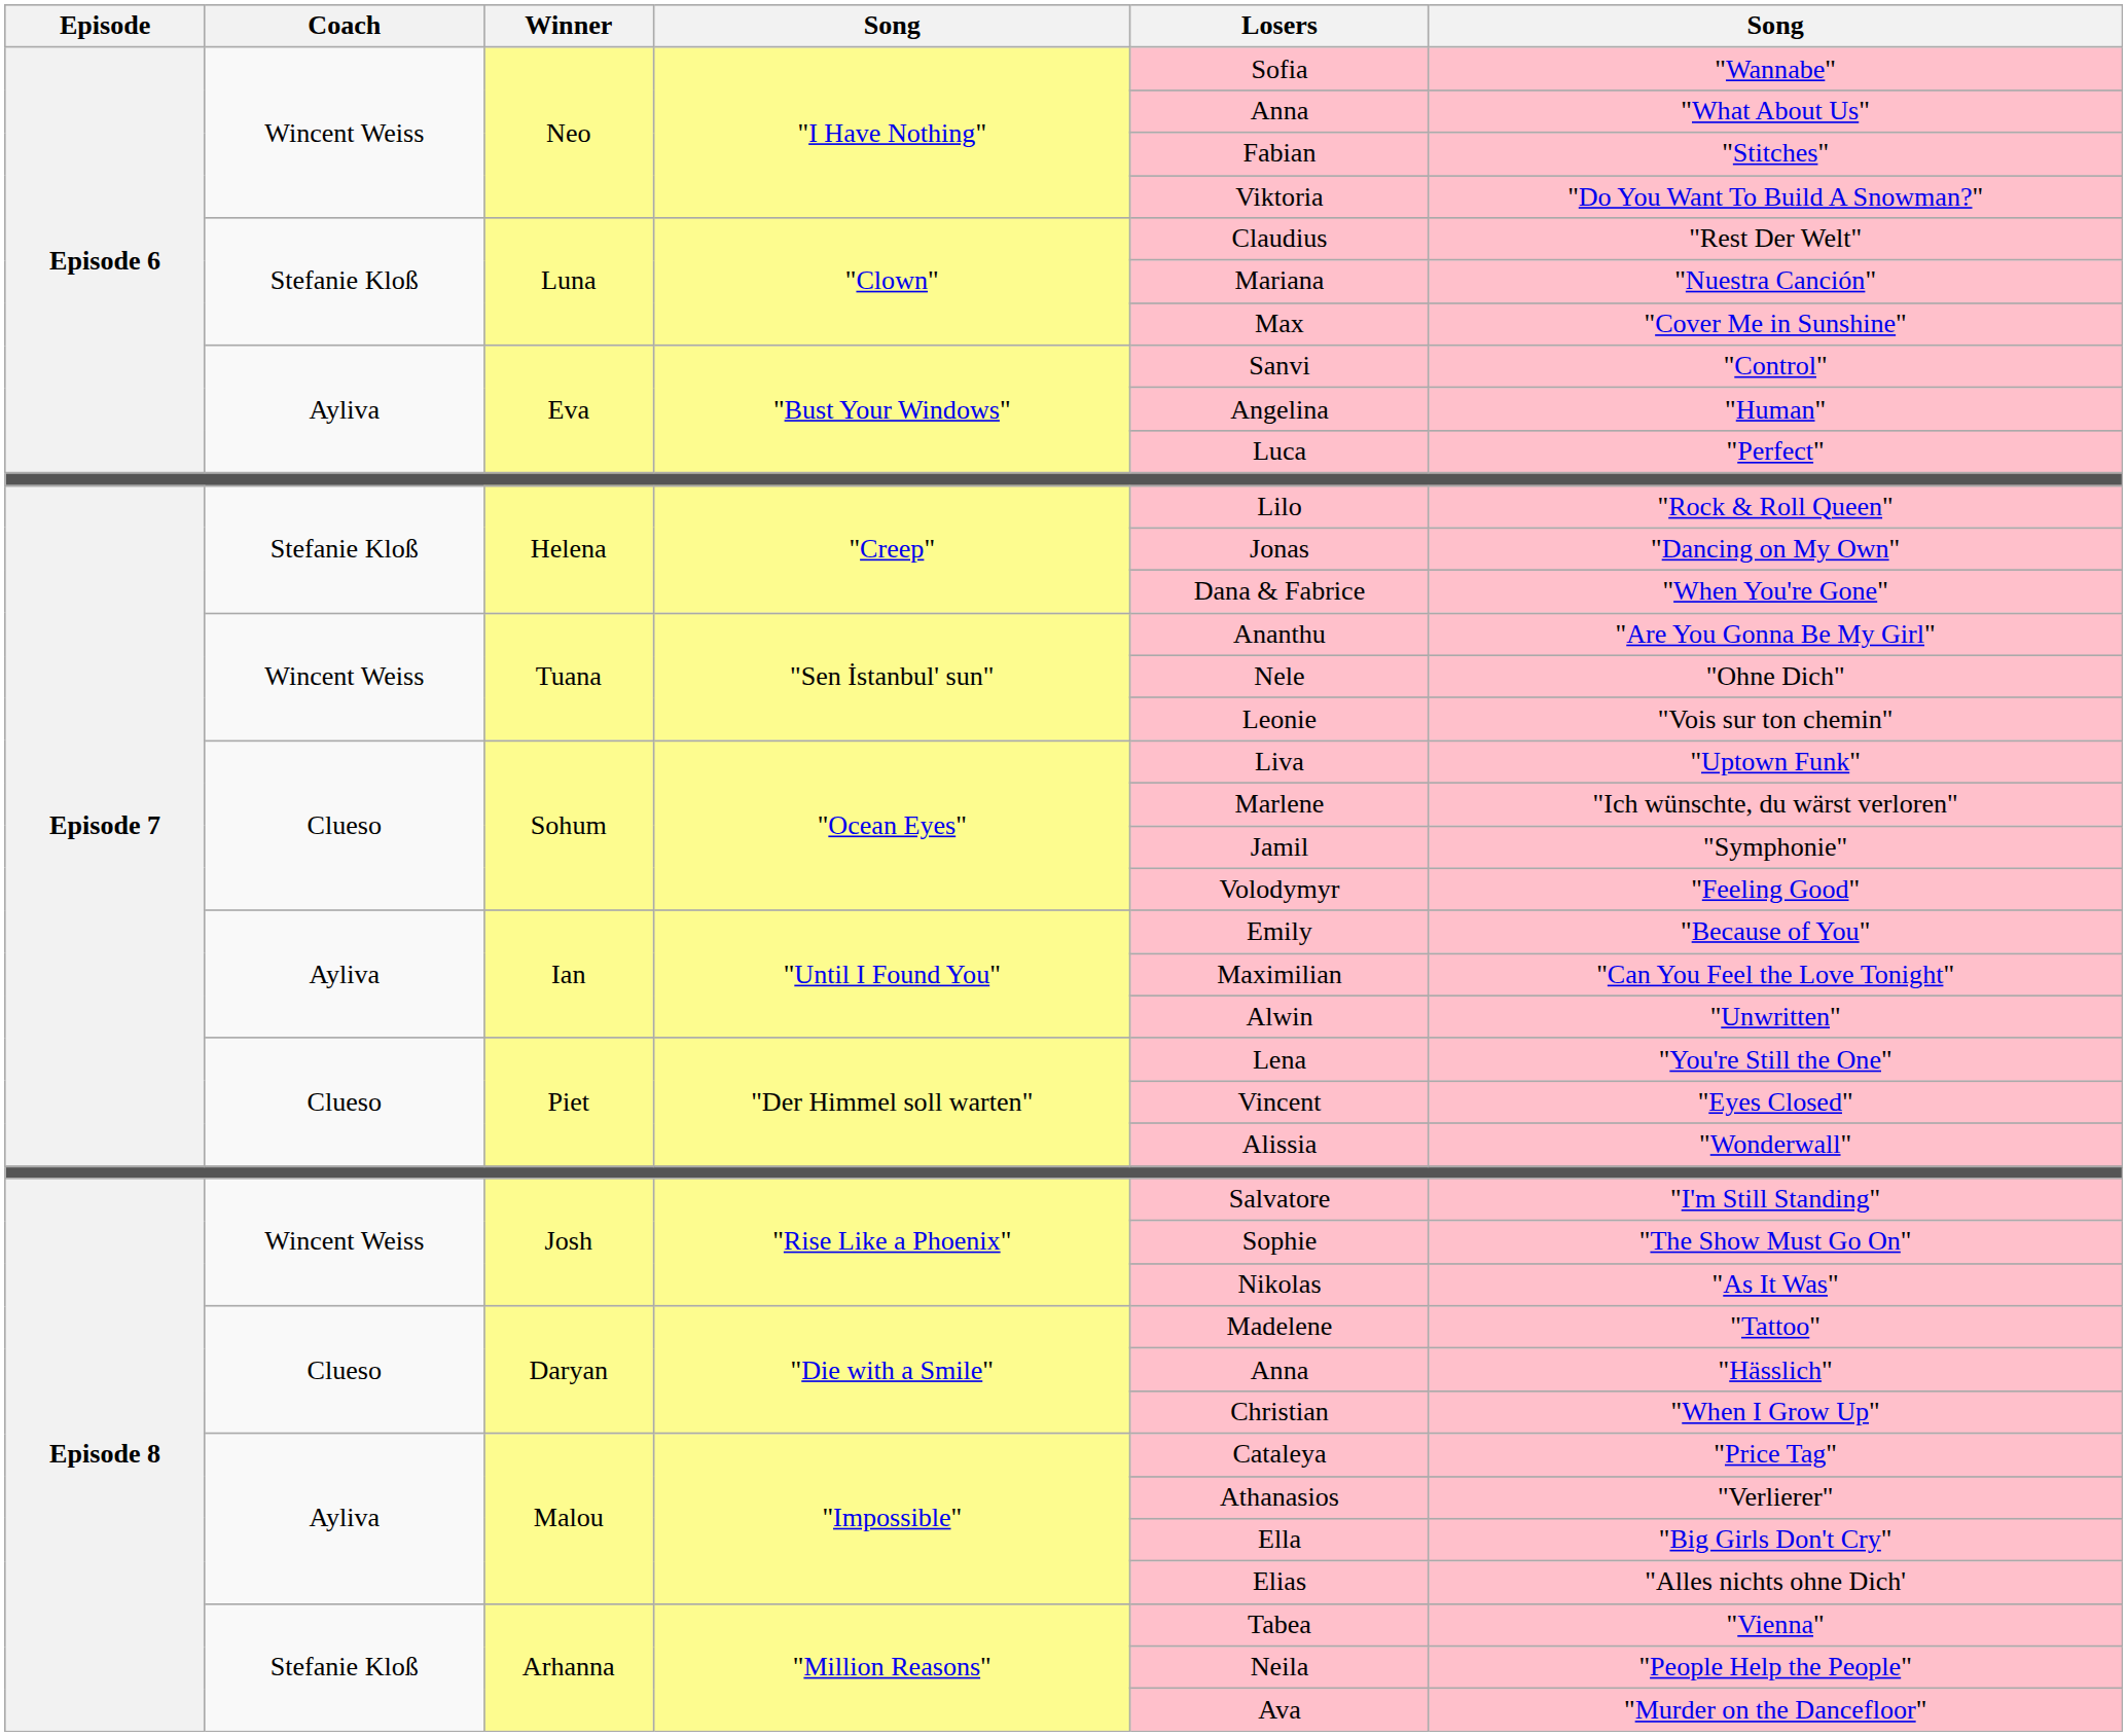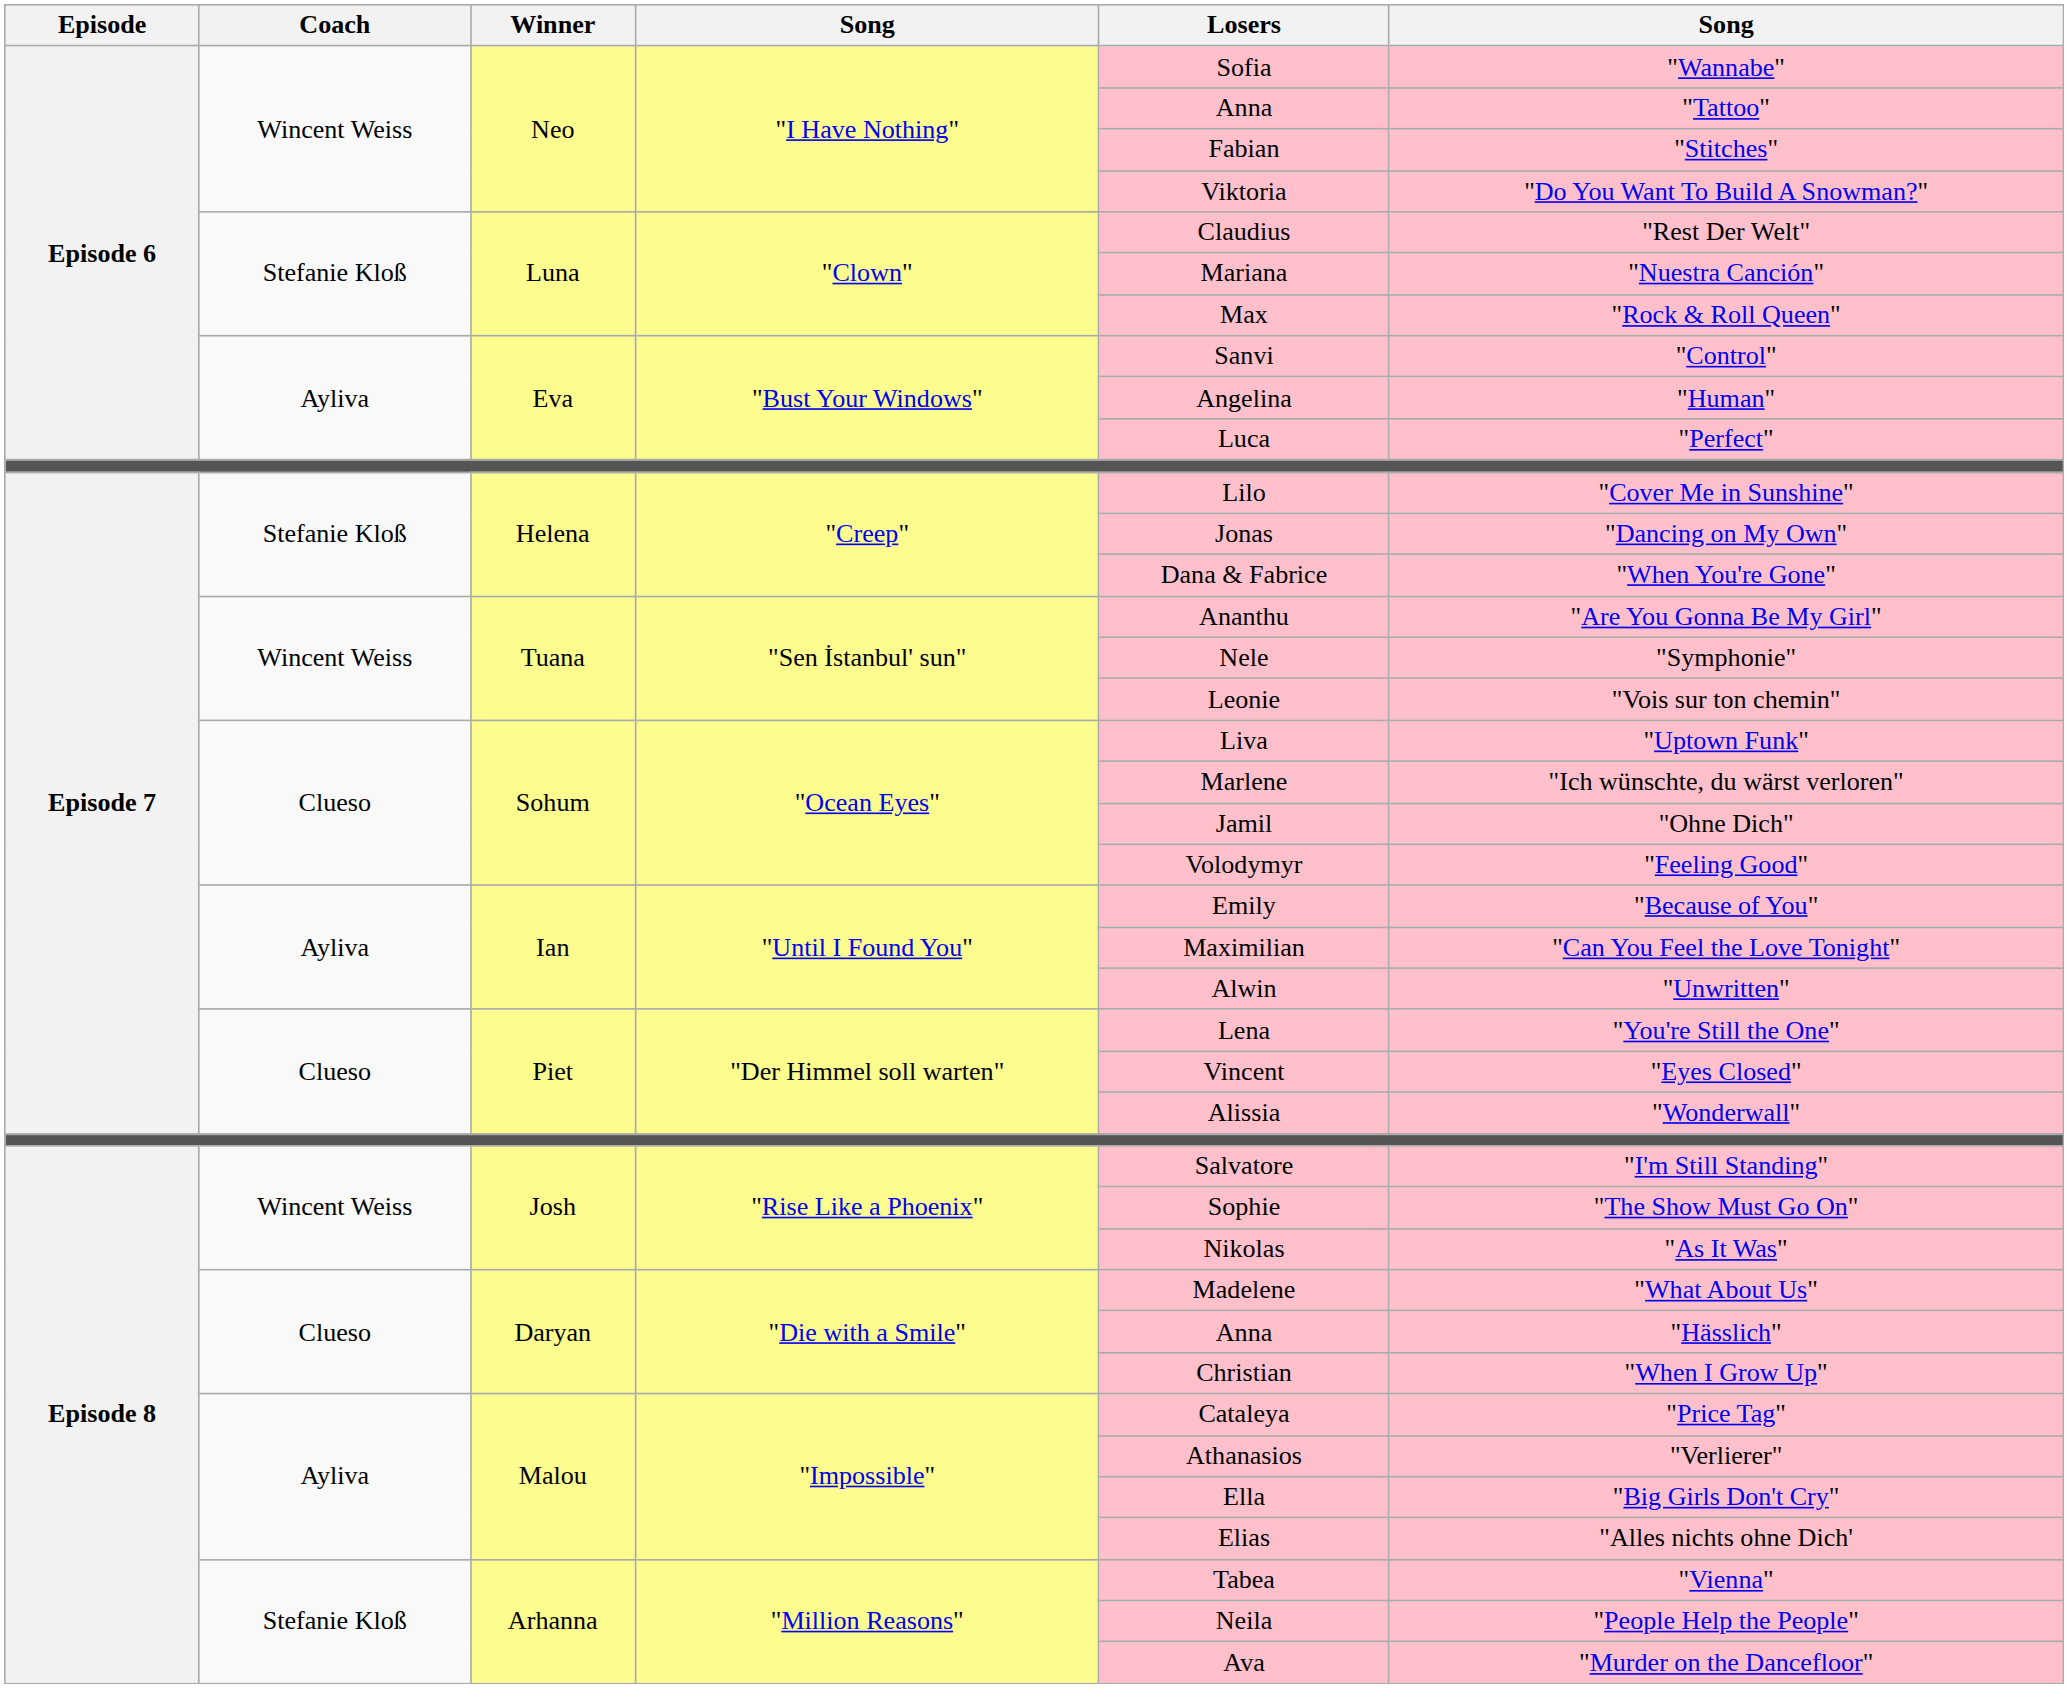 <table class="wikitable" style="text-align:center; width:100%">
 <tr>
 <th scope="row">Episode</th>
 <th>Coach</th>
 <th>Winner</th>
 <th>Song</th>
 <th>Losers</th>
 <th>Song</th>
 </tr>
 <tr>
 <th rowspan="10">Episode 6<br></th>
 <td rowspan="4">Wincent Weiss</td>
 <td rowspan="4" style="background:#fdfc8f ">Neo</td>
 <td rowspan="4" style="background:#fdfc8f">"<a href='#'>I Have Nothing</a>"</td>
 <td style="background:pink">Sofia</td>
 <td style="background:pink">"<a href='#'>Wannabe</a>"</td>
 </tr>
 <tr>
 <td style="background:pink">Anna</td>
-<td style="background:pink">"<a href='#'>What About Us</a>"</td>
+<td style="background:pink">"<a href='#'>Tattoo</a>"</td>
 </tr>
 <tr>
 <td style="background:pink">Fabian</td>
 <td style="background:pink">"<a href='#'>Stitches</a>"</td>
 </tr>
 <tr>
 <td style="background:pink">Viktoria</td>
 <td style="background:pink">"<a href='#'>Do You Want To Build A Snowman?</a>"</td>
 </tr>
 <tr>
 <td rowspan="3">Stefanie Kloß</td>
 <td rowspan="3" style="background:#fdfc8f ">Luna</td>
 <td rowspan="3" style="background:#fdfc8f">"<a href='#'>Clown</a>"</td>
 <td style="background:pink">Claudius</td>
 <td style="background:pink">"Rest Der Welt"</td>
 </tr>
 <tr>
 <td style="background:pink">Mariana</td>
 <td style="background:pink">"<a href='#'>Nuestra Canción</a>"</td>
 </tr>
 <tr>
 <td style="background:pink">Max</td>
-<td style="background:pink">"<a href='#'>Cover Me in Sunshine</a>"</td>
+<td style="background:pink">"<a href='#'>Rock & Roll Queen</a>"</td>
 </tr>
 <tr>
 <td rowspan="3">Ayliva</td>
 <td rowspan="3" style="background:#fdfc8f ">Eva</td>
 <td rowspan="3" style="background:#fdfc8f">"<a href='#'>Bust Your Windows</a>"</td>
 <td style="background:pink">Sanvi</td>
 <td style="background:pink">"<a href='#'>Control</a>"</td>
 </tr>
 <tr>
 <td style="background:pink">Angelina</td>
 <td style="background:pink">"<a href='#'>Human</a>"</td>
 </tr>
 <tr>
 <td style="background:pink">Luca</td>
 <td style="background:pink">"<a href='#'>Perfect</a>"</td>
 </tr>
 <tr>
 <th colspan="9" style="background:#555"></th>
 </tr>
 <tr>
 <th rowspan="16">Episode 7<br></th>
 <td rowspan="3">Stefanie Kloß</td>
 <td rowspan="3" style="background:#fdfc8f ">Helena</td>
 <td rowspan="3" style="background:#fdfc8f ">"<a href='#'>Creep</a>"</td>
 <td style="background:pink">Lilo</td>
-<td style="background:pink">"<a href='#'>Rock & Roll Queen</a>"</td>
+<td style="background:pink">"<a href='#'>Cover Me in Sunshine</a>"</td>
 </tr>
 <tr>
 <td style="background:pink">Jonas</td>
 <td style="background:pink">"<a href='#'>Dancing on My Own</a>"</td>
 </tr>
 <tr>
 <td style="background:pink">Dana & Fabrice</td>
 <td style="background:pink">"<a href='#'>When You're Gone</a>"</td>
 </tr>
 <tr>
 <td rowspan="3">Wincent Weiss</td>
 <td rowspan="3" style="background:#fdfc8f ">Tuana</td>
 <td rowspan="3" style="background:#fdfc8f ">"Sen İstanbul' sun"</td>
 <td style="background:pink">Ananthu</td>
 <td style="background:pink">"<a href='#'>Are You Gonna Be My Girl</a>"</td>
 </tr>
 <tr>
 <td style="background:pink">Nele</td>
-<td style="background:pink">"Ohne Dich"</td>
+<td style="background:pink">"Symphonie"</td>
 </tr>
 <tr>
 <td style="background:pink">Leonie</td>
 <td style="background:pink">"Vois sur ton chemin"</td>
 </tr>
 <tr>
 <td rowspan="4">Clueso</td>
 <td rowspan="4" style="background:#fdfc8f ">Sohum</td>
 <td rowspan="4" style="background:#fdfc8f ">"<a href='#'>Ocean Eyes</a>"</td>
 <td style="background:pink">Liva</td>
 <td style="background:pink">"<a href='#'>Uptown Funk</a>"</td>
 </tr>
 <tr>
 <td style="background:pink">Marlene</td>
 <td style="background:pink">"Ich wünschte, du wärst verloren"</td>
 </tr>
 <tr>
 <td style="background:pink">Jamil</td>
-<td style="background:pink">"Symphonie"</td>
+<td style="background:pink">"Ohne Dich"</td>
 </tr>
 <tr>
 <td style="background:pink">Volodymyr</td>
 <td style="background:pink">"<a href='#'>Feeling Good</a>"</td>
 </tr>
 <tr>
 <td rowspan="3">Ayliva</td>
 <td rowspan="3" style="background:#fdfc8f ">Ian</td>
 <td rowspan="3" style="background:#fdfc8f ">"<a href='#'>Until I Found You</a>"</td>
 <td style="background:pink">Emily</td>
 <td style="background:pink">"<a href='#'>Because of You</a>"</td>
 </tr>
 <tr>
 <td style="background:pink">Maximilian</td>
 <td style="background:pink">"<a href='#'>Can You Feel the Love Tonight</a>"</td>
 </tr>
 <tr>
 <td style="background:pink">Alwin</td>
 <td style="background:pink">"<a href='#'>Unwritten</a>"</td>
 </tr>
 <tr>
 <td rowspan="3">Clueso</td>
 <td rowspan="3" style="background:#fdfc8f ">Piet</td>
 <td rowspan="3" style="background:#fdfc8f ">"Der Himmel soll warten"</td>
 <td style="background:pink">Lena</td>
 <td style="background:pink">"<a href='#'>You're Still the One</a>"</td>
 </tr>
 <tr>
 <td style="background:pink">Vincent</td>
 <td style="background:pink">"<a href='#'>Eyes Closed</a>"</td>
 </tr>
 <tr>
 <td style="background:pink">Alissia</td>
 <td style="background:pink">"<a href='#'>Wonderwall</a>"</td>
 </tr>
 <tr>
 <th colspan="9" style="background:#555"></th>
 </tr>
 <tr>
 <th rowspan="13">Episode 8<br></th>
 <td rowspan="3">Wincent Weiss</td>
 <td rowspan="3" style="background:#fdfc8f ">Josh</td>
 <td rowspan="3" style="background:#fdfc8f ">"<a href='#'>Rise Like a Phoenix</a>"</td>
 <td style="background:pink">Salvatore</td>
 <td style="background:pink">"<a href='#'>I'm Still Standing</a>"</td>
 </tr>
 <tr>
 <td style="background:pink">Sophie</td>
 <td style="background:pink">"<a href='#'>The Show Must Go On</a>"</td>
 </tr>
 <tr>
 <td style="background:pink">Nikolas</td>
 <td style="background:pink">"<a href='#'>As It Was</a>"</td>
 </tr>
 <tr>
 <td rowspan="3">Clueso</td>
 <td rowspan="3" style="background:#fdfc8f ">Daryan</td>
 <td rowspan="3" style="background:#fdfc8f ">"<a href='#'>Die with a Smile</a>"</td>
 <td style="background:pink">Madelene</td>
-<td style="background:pink">"<a href='#'>Tattoo</a>"</td>
+<td style="background:pink">"<a href='#'>What About Us</a>"</td>
 </tr>
 <tr>
 <td style="background:pink">Anna</td>
 <td style="background:pink">"<a href='#'>Hässlich</a>"</td>
 </tr>
 <tr>
 <td style="background:pink">Christian</td>
 <td style="background:pink">"<a href='#'>When I Grow Up</a>"</td>
 </tr>
 <tr>
 <td rowspan="4">Ayliva</td>
 <td rowspan="4" style="background:#fdfc8f ">Malou</td>
 <td rowspan="4" style="background:#fdfc8f ">"<a href='#'>Impossible</a>"</td>
 <td style="background:pink">Cataleya</td>
 <td style="background:pink">"<a href='#'>Price Tag</a>"</td>
 </tr>
 <tr>
 <td style="background:pink">Athanasios</td>
 <td style="background:pink">"Verlierer"</td>
 </tr>
 <tr>
 <td style="background:pink">Ella</td>
 <td style="background:pink">"<a href='#'>Big Girls Don't Cry</a>"</td>
 </tr>
 <tr>
 <td style="background:pink">Elias</td>
 <td style="background:pink">"Alles nichts ohne Dich'</td>
 </tr>
 <tr>
 <td rowspan="3">Stefanie Kloß</td>
 <td rowspan="3" style="background:#fdfc8f ">Arhanna</td>
 <td rowspan="3" style="background:#fdfc8f ">"<a href='#'>Million Reasons</a>"</td>
 <td style="background:pink">Tabea</td>
 <td style="background:pink">"<a href='#'>Vienna</a>"</td>
 </tr>
 <tr>
 <td style="background:pink">Neila</td>
 <td style="background:pink">"<a href='#'>People Help the People</a>"</td>
 </tr>
 <tr>
 <td style="background:pink">Ava</td>
 <td style="background:pink">"<a href='#'>Murder on the Dancefloor</a>"</td>
 </tr>
 </table>
